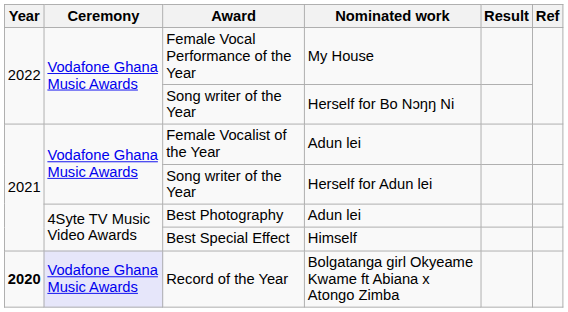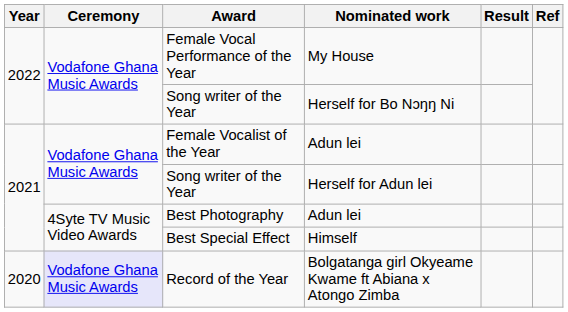 <table class="wikitable">
 <tr>
 <th>Year</th>
 <th>Ceremony</th>
 <th>Award</th>
 <th>Nominated work</th>
 <th>Result</th>
 <th>Ref</th>
 </tr>
 <tr>
 <td rowspan="2">2022</td>
 <td rowspan="2"><a href='#'>Vodafone Ghana Music Awards</a></td>
 <td>Female Vocal Performance of the Year</td>
 <td>My House</td>
 <td></td>
 <td rowspan="2"></td>
 </tr>
 <tr>
 <td>Song writer of the Year</td>
 <td>Herself for Bo Nɔŋŋ Ni</td>
 <td></td>
 </tr>
 <tr>
 <td rowspan="4">2021</td>
 <td rowspan="2"><a href='#'>Vodafone Ghana Music Awards</a></td>
 <td>Female Vocalist of the Year</td>
 <td>Adun lei</td>
 <td></td>
 <td></td>
 </tr>
 <tr>
 <td>Song writer of the Year</td>
 <td>Herself for Adun lei</td>
 <td></td>
 <td></td>
 </tr>
 <tr>
 <td rowspan="2">4Syte TV Music Video Awards</td>
 <td>Best Photography</td>
 <td>Adun lei</td>
 <td></td>
 <td></td>
 </tr>
 <tr>
 <td>Best Special Effect</td>
 <td>Himself</td>
 <td></td>
 <td></td>
 </tr>
 <tr>
-<td><strong>2020</strong></td>
+<td>2020</td>
 <td style="background: lavender;"><a href='#'>Vodafone Ghana Music Awards</a></td>
 <td>Record of the Year</td>
 <td>Bolgatanga girl Okyeame Kwame ft Abiana x Atongo Zimba</td>
 <td></td>
 <td></td>
 </tr>
 </table>
